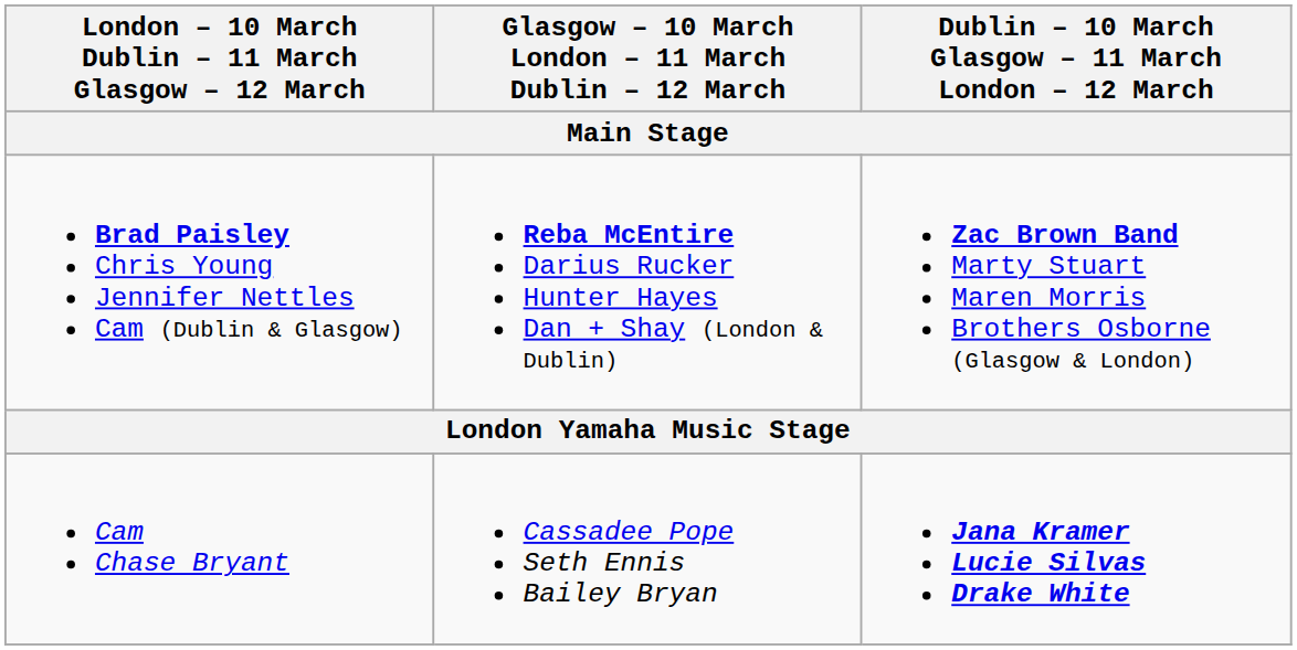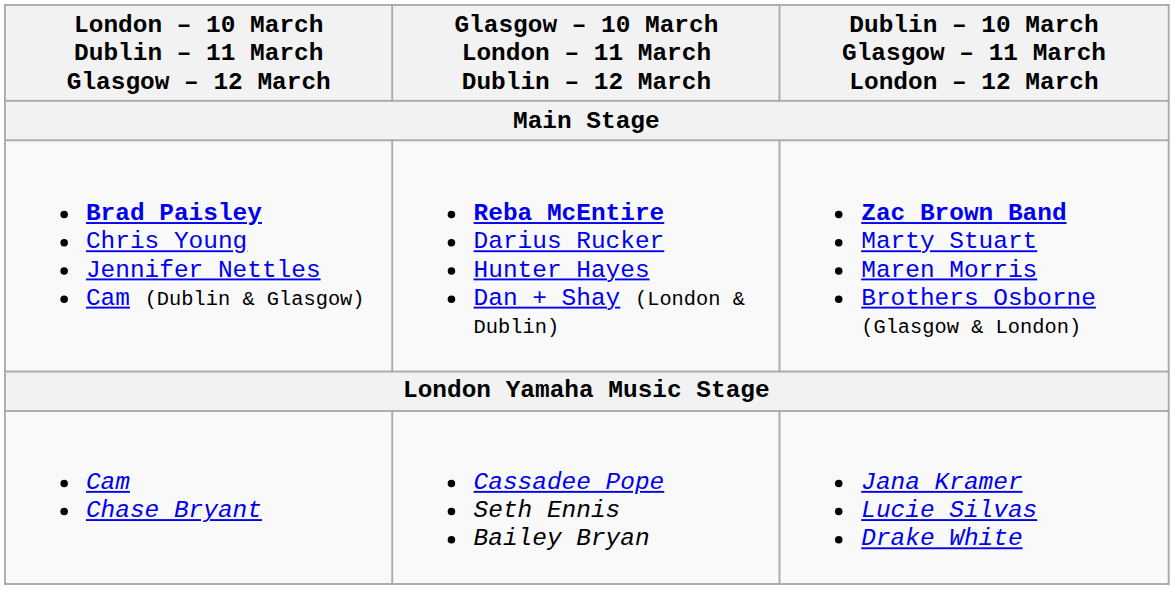 <table class="wikitable">
 <tr>
 <th scope="col" style="width: 200px;">London – 10 March<br>Dublin – 11 March<br>Glasgow – 12 March</th>
 <th scope="col" style="width: 200px;">Glasgow – 10 March<br>London – 11 March<br>Dublin – 12 March</th>
 <th scope="col" style="width: 200px;">Dublin – 10 March<br>Glasgow – 11 March<br>London – 12 March</th>
 </tr>
 <tr>
 <th colspan="3">Main Stage</th>
 </tr>
 <tr style="vertical-align: top;">
 <td><br><ul><li><strong><a href='#'>Brad Paisley</a></strong></li><li><a href='#'>Chris Young</a></li><li><a href='#'>Jennifer Nettles</a></li><li><a href='#'>Cam</a> <small>(Dublin & Glasgow)</small></li></ul></td>
 <td><br><ul><li><strong><a href='#'>Reba McEntire</a></strong></li><li><a href='#'>Darius Rucker</a></li><li><a href='#'>Hunter Hayes</a></li><li><a href='#'>Dan + Shay</a> <small>(London & Dublin)</small></li></ul></td>
 <td><br><ul><li><strong><a href='#'>Zac Brown Band</a></strong></li><li><a href='#'>Marty Stuart</a></li><li><a href='#'>Maren Morris</a></li><li><a href='#'>Brothers Osborne</a> <small>(Glasgow & London)</small></li></ul></td>
 </tr>
 <tr>
 <th colspan="3">London Yamaha Music Stage</th>
 </tr>
 <tr style="vertical-align: top;">
 <td><br><ul><li><em><a href='#'>Cam</a></em></li><li><em><a href='#'>Chase Bryant</a></em></li></ul></td>
 <td><br><ul><li><em><a href='#'>Cassadee Pope</a></em></li><li><em>Seth Ennis</em></li><li><em>Bailey Bryan</em></li></ul></td>
-<td><strong><br><ul><li><em><a href='#'>Jana Kramer</a></em></li><li><em><a href='#'>Lucie Silvas</a></em></li><li><em><a href='#'>Drake White</a></em></li></ul></strong></td>
+<td><br><ul><li><em><a href='#'>Jana Kramer</a></em></li><li><em><a href='#'>Lucie Silvas</a></em></li><li><em><a href='#'>Drake White</a></em></li></ul></td>
 </tr>
 </table>
